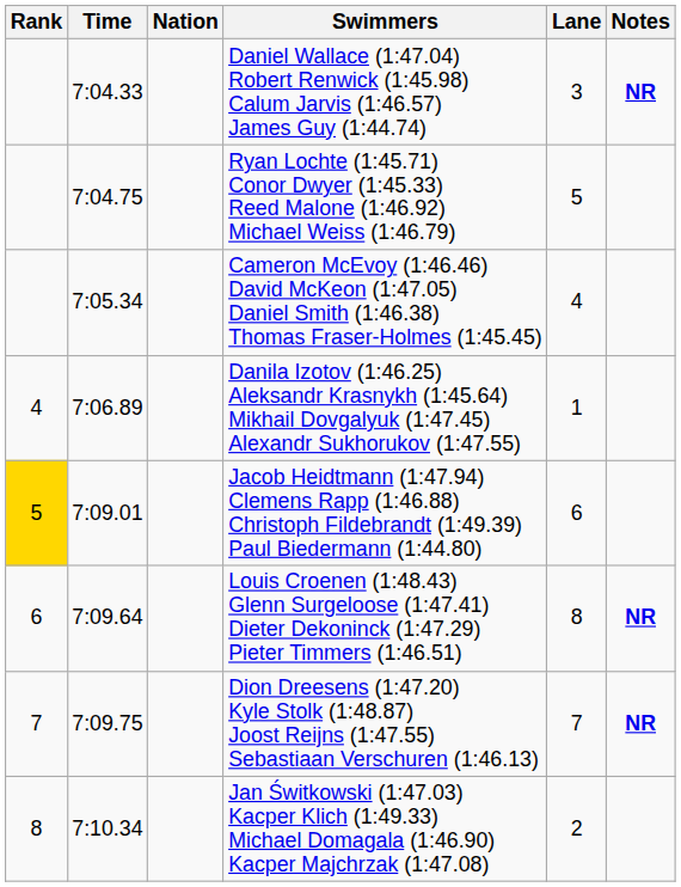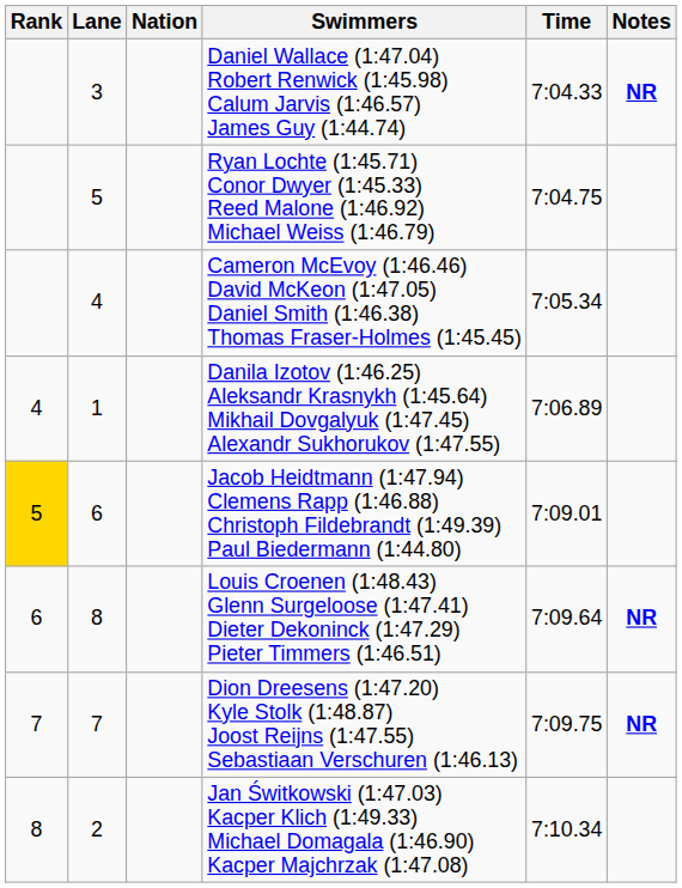 <table class="wikitable sortable" style="text-align:center">
 <tr>
 <th>Rank</th>
-<th>Time</th>
+<th>Lane</th>
 <th>Nation</th>
 <th>Swimmers</th>
-<th>Lane</th>
+<th>Time</th>
 <th>Notes</th>
 </tr>
 <tr>
 <td></td>
-<td>7:04.33</td>
+<td>3</td>
 <td align=left></td>
 <td align=left><a href='#'>Daniel Wallace</a> (1:47.04)<br><a href='#'>Robert Renwick</a> (1:45.98)<br><a href='#'>Calum Jarvis</a> (1:46.57)<br><a href='#'>James Guy</a> (1:44.74)</td>
-<td>3</td>
+<td>7:04.33</td>
 <td><a href='#'><strong>NR</strong></a></td>
 </tr>
 <tr>
 <td></td>
-<td>7:04.75</td>
+<td>5</td>
 <td align=left></td>
 <td align=left><a href='#'>Ryan Lochte</a> (1:45.71)<br><a href='#'>Conor Dwyer</a> (1:45.33)<br><a href='#'>Reed Malone</a> (1:46.92)<br><a href='#'>Michael Weiss</a>  (1:46.79)</td>
-<td>5</td>
+<td>7:04.75</td>
 <td></td>
 </tr>
 <tr>
 <td></td>
-<td>7:05.34</td>
+<td>4</td>
 <td align=left></td>
 <td align=left><a href='#'>Cameron McEvoy</a> (1:46.46)<br><a href='#'>David McKeon</a> (1:47.05)<br><a href='#'>Daniel Smith</a> (1:46.38)<br><a href='#'>Thomas Fraser-Holmes</a> (1:45.45)</td>
-<td>4</td>
+<td>7:05.34</td>
 <td></td>
 </tr>
 <tr>
 <td>4</td>
-<td>7:06.89</td>
+<td>1</td>
 <td align=left></td>
 <td align=left><a href='#'>Danila Izotov</a> (1:46.25)<br><a href='#'>Aleksandr Krasnykh</a> (1:45.64)<br><a href='#'>Mikhail Dovgalyuk</a> (1:47.45)<br><a href='#'>Alexandr Sukhorukov</a> (1:47.55)</td>
-<td>1</td>
+<td>7:06.89</td>
 <td></td>
 </tr>
 <tr>
 <td style="background: gold;">5</td>
-<td>7:09.01</td>
+<td>6</td>
 <td align=left></td>
 <td align=left><a href='#'>Jacob Heidtmann</a> (1:47.94)<br><a href='#'>Clemens Rapp</a> (1:46.88)<br><a href='#'>Christoph Fildebrandt</a> (1:49.39)<br><a href='#'>Paul Biedermann</a> (1:44.80)</td>
-<td>6</td>
+<td>7:09.01</td>
 <td></td>
 </tr>
 <tr>
 <td>6</td>
-<td>7:09.64</td>
+<td>8</td>
 <td align=left></td>
 <td align=left><a href='#'>Louis Croenen</a> (1:48.43)<br><a href='#'>Glenn Surgeloose</a> (1:47.41)<br><a href='#'>Dieter Dekoninck</a> (1:47.29)<br><a href='#'>Pieter Timmers</a> (1:46.51)</td>
-<td>8</td>
+<td>7:09.64</td>
 <td><a href='#'><strong>NR</strong></a></td>
 </tr>
 <tr>
 <td>7</td>
-<td>7:09.75</td>
+<td>7</td>
 <td align=left></td>
 <td align=left><a href='#'>Dion Dreesens</a> (1:47.20)<br><a href='#'>Kyle Stolk</a> (1:48.87)<br><a href='#'>Joost Reijns</a> (1:47.55)<br><a href='#'>Sebastiaan Verschuren</a> (1:46.13)</td>
-<td>7</td>
+<td>7:09.75</td>
 <td><a href='#'><strong>NR</strong></a></td>
 </tr>
 <tr>
 <td>8</td>
-<td>7:10.34</td>
+<td>2</td>
 <td align=left></td>
 <td align=left><a href='#'>Jan Świtkowski</a> (1:47.03)<br><a href='#'>Kacper Klich</a> (1:49.33)<br><a href='#'>Michael Domagala</a> (1:46.90)<br><a href='#'>Kacper Majchrzak</a> (1:47.08)</td>
-<td>2</td>
+<td>7:10.34</td>
 <td></td>
 </tr>
 </table>
